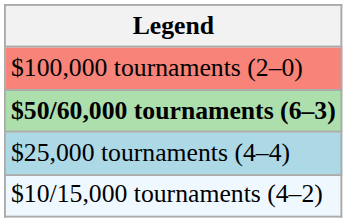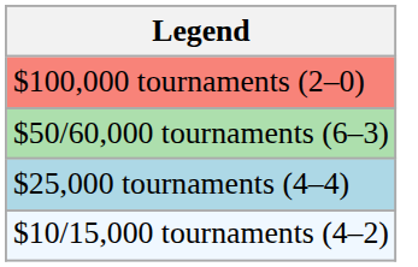 <table class=wikitable style="font-size:85%">
 <tr>
 <th>Legend</th>
 </tr>
 <tr style="background:#f88379;">
 <td>$100,000 tournaments (2–0)</td>
 </tr>
 <tr style="background:#addfad;">
-<td><strong>$50/60,000 tournaments (6–3)</strong></td>
+<td>$50/60,000 tournaments (6–3)</td>
 </tr>
 <tr style="background:lightblue;">
 <td>$25,000 tournaments (4–4)</td>
 </tr>
 <tr style="background:#f0f8ff;">
 <td>$10/15,000 tournaments (4–2)</td>
 </tr>
 </table>
